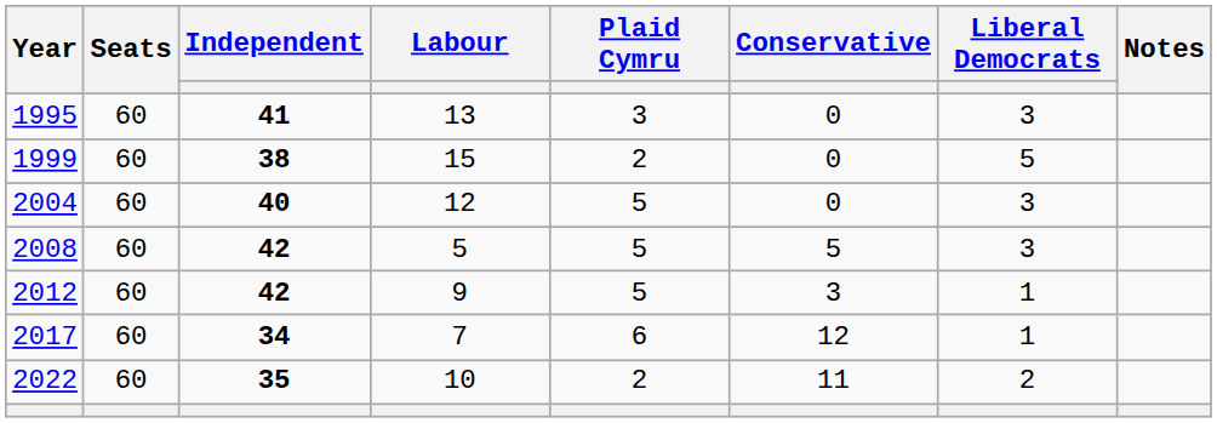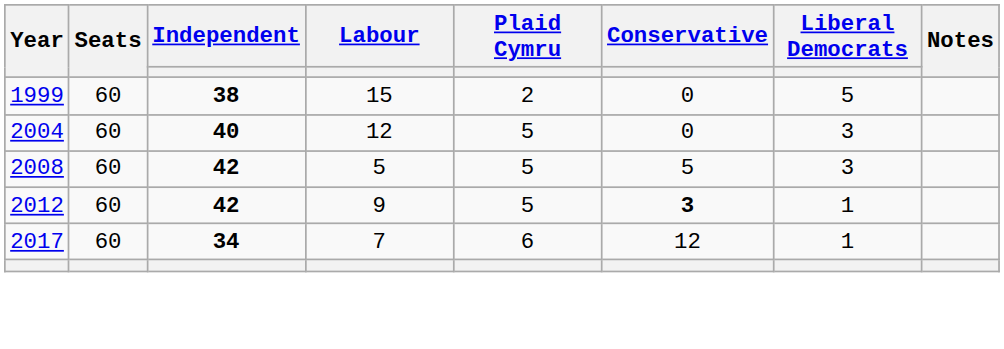 <table class="wikitable" style=text-align:center>
 <tr>
 <th rowspan=2>Year</th>
 <th rowspan=2>Seats</th>
 <th width="80"><a href='#'>Independent</a></th>
 <th width="80"><a href='#'>Labour</a></th>
 <th width="80"><a href='#'>Plaid Cymru</a></th>
 <th width="80"><a href='#'>Conservative</a></th>
 <th width="80"><a href='#'>Liberal Democrats</a></th>
 <th rowspan=2>Notes</th>
 </tr>
 <tr>
 <th style="background-color: "></th>
 <th style="background-color: "></th>
 <th style="background-color: "></th>
 <th style="background-color: "></th>
 <th style="background-color: "></th>
-</tr>
-<tr>
-<td><a href='#'>1995</a></td>
-<td>60</td>
-<td><strong>41</strong></td>
-<td>13</td>
-<td>3</td>
-<td>0</td>
-<td>3</td>
-<td align=left></td>
 </tr>
 <tr>
 <td><a href='#'>1999</a></td>
 <td>60</td>
 <td><strong>38</strong></td>
 <td>15</td>
 <td>2</td>
 <td>0</td>
 <td>5</td>
 <td align=left></td>
 </tr>
 <tr>
 <td><a href='#'>2004</a></td>
 <td>60</td>
 <td><strong>40</strong></td>
 <td>12</td>
 <td>5</td>
 <td>0</td>
 <td>3</td>
 <td align=left></td>
 </tr>
 <tr>
 <td><a href='#'>2008</a></td>
 <td>60</td>
 <td><strong>42</strong></td>
 <td>5</td>
 <td>5</td>
 <td>5</td>
 <td>3</td>
 <td align=left></td>
 </tr>
 <tr>
 <td><a href='#'>2012</a></td>
 <td>60</td>
 <td><strong>42</strong></td>
 <td>9</td>
 <td>5</td>
-<td>3</td>
+<td><strong>3</strong></td>
 <td>1</td>
 <td align=left></td>
 </tr>
 <tr>
 <td><a href='#'>2017</a></td>
 <td>60</td>
 <td><strong>34</strong></td>
 <td>7</td>
 <td>6</td>
 <td>12</td>
 <td>1</td>
 <td align=left></td>
 </tr>
 <tr>
-<td><a href='#'>2022</a></td>
-<td>60</td>
-<td><strong>35</strong></td>
-<td>10</td>
-<td>2</td>
-<td>11</td>
-<td>2</td>
-<td align=left></td>
-</tr>
-<tr>
 <th></th>
 <th></th>
 <th style="background-color: "></th>
 <th style="background-color: "></th>
 <th style="background-color: "></th>
 <th style="background-color: "></th>
 <th style="background-color: "></th>
 <th></th>
 </tr>
 </table>
